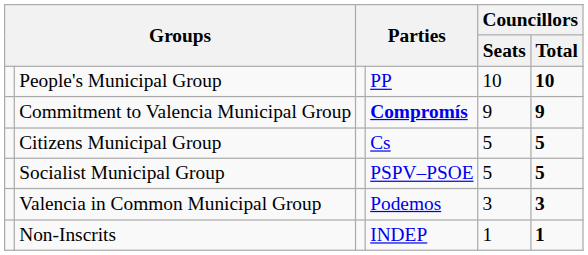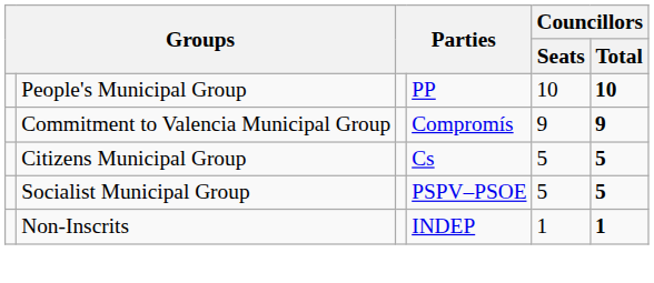 <table class="wikitable" style="text-align:left;">
 <tr>
 <th rowspan="2" colspan="2">Groups</th>
 <th rowspan="2" colspan="2">Parties</th>
 <th colspan="2">Councillors</th>
 </tr>
 <tr>
 <th>Seats</th>
 <th>Total</th>
 </tr>
 <tr>
 <td width="1" style="color:inherit;background:"></td>
 <td>People's Municipal Group</td>
 <td width="1" style="color:inherit;background:"></td>
 <td><a href='#'>PP</a></td>
 <td>10</td>
 <td><strong>10</strong></td>
 </tr>
 <tr>
 <td style="color:inherit;background:"></td>
 <td>Commitment to Valencia Municipal Group</td>
 <td style="color:inherit;background:"></td>
-<td><strong><a href='#'>Compromís</a></strong></td>
+<td><a href='#'>Compromís</a></td>
 <td>9</td>
 <td><strong>9</strong></td>
 </tr>
 <tr>
 <td style="color:inherit;background:"></td>
 <td>Citizens Municipal Group</td>
 <td style="color:inherit;background:"></td>
 <td><a href='#'>Cs</a></td>
 <td>5</td>
 <td><strong>5</strong></td>
 </tr>
 <tr>
 <td style="color:inherit;background:"></td>
 <td>Socialist Municipal Group</td>
 <td style="color:inherit;background:"></td>
 <td><a href='#'>PSPV–PSOE</a></td>
 <td>5</td>
 <td><strong>5</strong></td>
 </tr>
 <tr>
 <td style="color:inherit;background:"></td>
-<td>Valencia in Common Municipal Group</td>
-<td style="color:inherit;background:"></td>
-<td><a href='#'>Podemos</a></td>
-<td>3</td>
-<td><strong>3</strong></td>
-</tr>
-<tr>
-<td style="color:inherit;background:"></td>
 <td>Non-Inscrits</td>
 <td style="color:inherit;background:"></td>
 <td><a href='#'>INDEP</a></td>
 <td>1</td>
 <td><strong>1</strong></td>
 </tr>
 </table>
